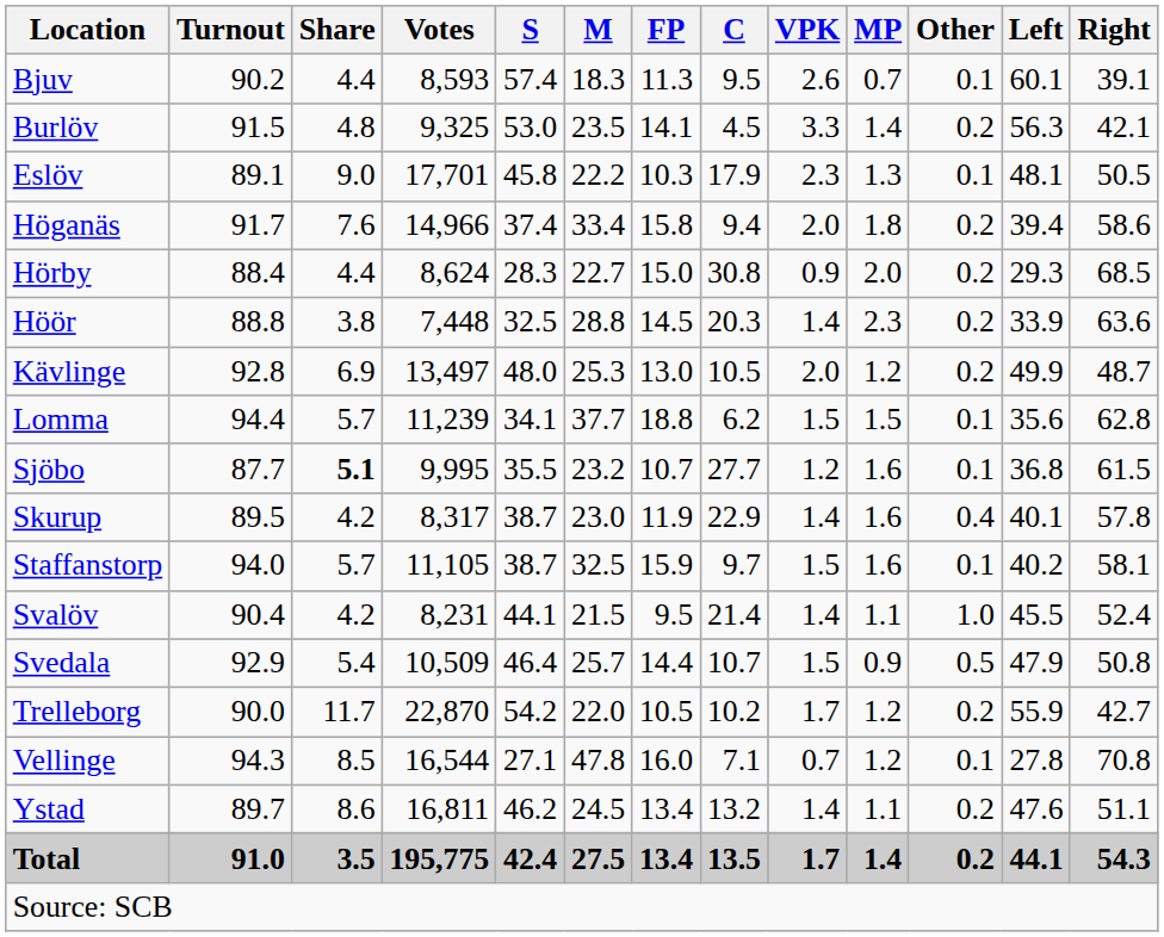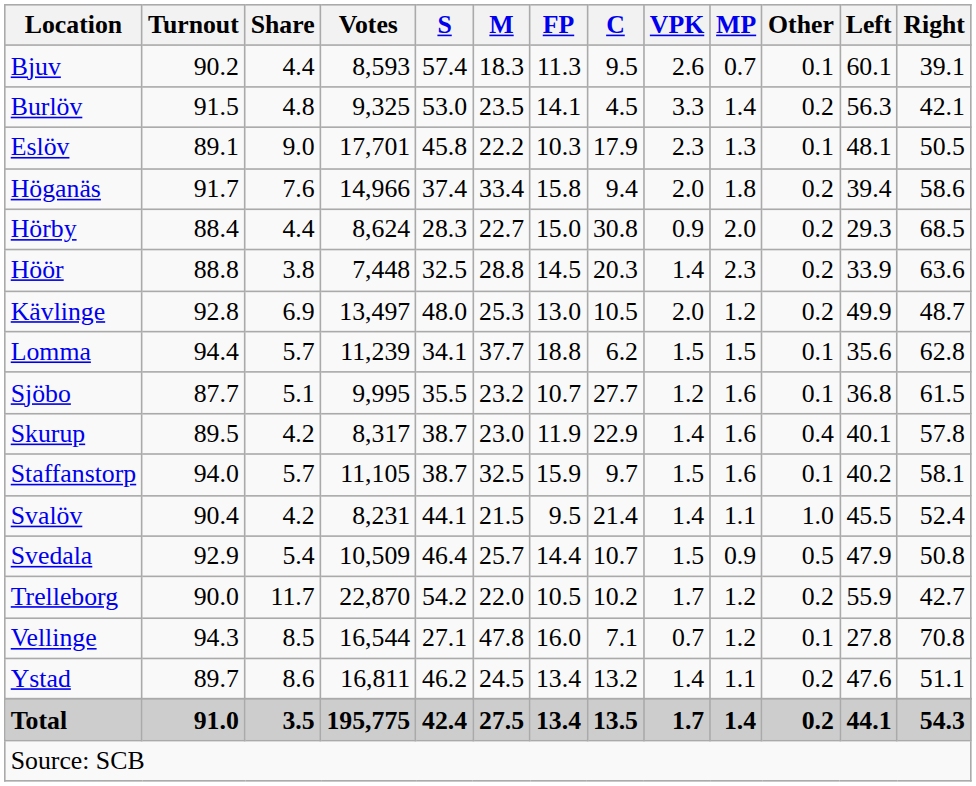 <table class="wikitable sortable" style=text-align:right>
 <tr>
 <th>Location</th>
 <th>Turnout</th>
 <th>Share</th>
 <th>Votes</th>
 <th><a href='#'>S</a></th>
 <th><a href='#'>M</a></th>
 <th><a href='#'>FP</a></th>
 <th><a href='#'>C</a></th>
 <th><a href='#'>VPK</a></th>
 <th><a href='#'>MP</a></th>
 <th>Other</th>
 <th>Left</th>
 <th>Right</th>
 </tr>
 <tr>
 <td align=left><a href='#'>Bjuv</a></td>
 <td>90.2</td>
 <td>4.4</td>
 <td>8,593</td>
 <td>57.4</td>
 <td>18.3</td>
 <td>11.3</td>
 <td>9.5</td>
 <td>2.6</td>
 <td>0.7</td>
 <td>0.1</td>
 <td>60.1</td>
 <td>39.1</td>
 </tr>
 <tr>
 <td align=left><a href='#'>Burlöv</a></td>
 <td>91.5</td>
 <td>4.8</td>
 <td>9,325</td>
 <td>53.0</td>
 <td>23.5</td>
 <td>14.1</td>
 <td>4.5</td>
 <td>3.3</td>
 <td>1.4</td>
 <td>0.2</td>
 <td>56.3</td>
 <td>42.1</td>
 </tr>
 <tr>
 <td align=left><a href='#'>Eslöv</a></td>
 <td>89.1</td>
 <td>9.0</td>
 <td>17,701</td>
 <td>45.8</td>
 <td>22.2</td>
 <td>10.3</td>
 <td>17.9</td>
 <td>2.3</td>
 <td>1.3</td>
 <td>0.1</td>
 <td>48.1</td>
 <td>50.5</td>
 </tr>
 <tr>
 <td align=left><a href='#'>Höganäs</a></td>
 <td>91.7</td>
 <td>7.6</td>
 <td>14,966</td>
 <td>37.4</td>
 <td>33.4</td>
 <td>15.8</td>
 <td>9.4</td>
 <td>2.0</td>
 <td>1.8</td>
 <td>0.2</td>
 <td>39.4</td>
 <td>58.6</td>
 </tr>
 <tr>
 <td align=left><a href='#'>Hörby</a></td>
 <td>88.4</td>
 <td>4.4</td>
 <td>8,624</td>
 <td>28.3</td>
 <td>22.7</td>
 <td>15.0</td>
 <td>30.8</td>
 <td>0.9</td>
 <td>2.0</td>
 <td>0.2</td>
 <td>29.3</td>
 <td>68.5</td>
 </tr>
 <tr>
 <td align=left><a href='#'>Höör</a></td>
 <td>88.8</td>
 <td>3.8</td>
 <td>7,448</td>
 <td>32.5</td>
 <td>28.8</td>
 <td>14.5</td>
 <td>20.3</td>
 <td>1.4</td>
 <td>2.3</td>
 <td>0.2</td>
 <td>33.9</td>
 <td>63.6</td>
 </tr>
 <tr>
 <td align=left><a href='#'>Kävlinge</a></td>
 <td>92.8</td>
 <td>6.9</td>
 <td>13,497</td>
 <td>48.0</td>
 <td>25.3</td>
 <td>13.0</td>
 <td>10.5</td>
 <td>2.0</td>
 <td>1.2</td>
 <td>0.2</td>
 <td>49.9</td>
 <td>48.7</td>
 </tr>
 <tr>
 <td align=left><a href='#'>Lomma</a></td>
 <td>94.4</td>
 <td>5.7</td>
 <td>11,239</td>
 <td>34.1</td>
 <td>37.7</td>
 <td>18.8</td>
 <td>6.2</td>
 <td>1.5</td>
 <td>1.5</td>
 <td>0.1</td>
 <td>35.6</td>
 <td>62.8</td>
 </tr>
 <tr>
 <td align=left><a href='#'>Sjöbo</a></td>
 <td>87.7</td>
-<td><strong>5.1</strong></td>
+<td>5.1</td>
 <td>9,995</td>
 <td>35.5</td>
 <td>23.2</td>
 <td>10.7</td>
 <td>27.7</td>
 <td>1.2</td>
 <td>1.6</td>
 <td>0.1</td>
 <td>36.8</td>
 <td>61.5</td>
 </tr>
 <tr>
 <td align=left><a href='#'>Skurup</a></td>
 <td>89.5</td>
 <td>4.2</td>
 <td>8,317</td>
 <td>38.7</td>
 <td>23.0</td>
 <td>11.9</td>
 <td>22.9</td>
 <td>1.4</td>
 <td>1.6</td>
 <td>0.4</td>
 <td>40.1</td>
 <td>57.8</td>
 </tr>
 <tr>
 <td align=left><a href='#'>Staffanstorp</a></td>
 <td>94.0</td>
 <td>5.7</td>
 <td>11,105</td>
 <td>38.7</td>
 <td>32.5</td>
 <td>15.9</td>
 <td>9.7</td>
 <td>1.5</td>
 <td>1.6</td>
 <td>0.1</td>
 <td>40.2</td>
 <td>58.1</td>
 </tr>
 <tr>
 <td align=left><a href='#'>Svalöv</a></td>
 <td>90.4</td>
 <td>4.2</td>
 <td>8,231</td>
 <td>44.1</td>
 <td>21.5</td>
 <td>9.5</td>
 <td>21.4</td>
 <td>1.4</td>
 <td>1.1</td>
 <td>1.0</td>
 <td>45.5</td>
 <td>52.4</td>
 </tr>
 <tr>
 <td align=left><a href='#'>Svedala</a></td>
 <td>92.9</td>
 <td>5.4</td>
 <td>10,509</td>
 <td>46.4</td>
 <td>25.7</td>
 <td>14.4</td>
 <td>10.7</td>
 <td>1.5</td>
 <td>0.9</td>
 <td>0.5</td>
 <td>47.9</td>
 <td>50.8</td>
 </tr>
 <tr>
 <td align=left><a href='#'>Trelleborg</a></td>
 <td>90.0</td>
 <td>11.7</td>
 <td>22,870</td>
 <td>54.2</td>
 <td>22.0</td>
 <td>10.5</td>
 <td>10.2</td>
 <td>1.7</td>
 <td>1.2</td>
 <td>0.2</td>
 <td>55.9</td>
 <td>42.7</td>
 </tr>
 <tr>
 <td align=left><a href='#'>Vellinge</a></td>
 <td>94.3</td>
 <td>8.5</td>
 <td>16,544</td>
 <td>27.1</td>
 <td>47.8</td>
 <td>16.0</td>
 <td>7.1</td>
 <td>0.7</td>
 <td>1.2</td>
 <td>0.1</td>
 <td>27.8</td>
 <td>70.8</td>
 </tr>
 <tr>
 <td align=left><a href='#'>Ystad</a></td>
 <td>89.7</td>
 <td>8.6</td>
 <td>16,811</td>
 <td>46.2</td>
 <td>24.5</td>
 <td>13.4</td>
 <td>13.2</td>
 <td>1.4</td>
 <td>1.1</td>
 <td>0.2</td>
 <td>47.6</td>
 <td>51.1</td>
 </tr>
 <tr>
 </tr>
 <tr style="background:#CDCDCD;">
 <td align=left><strong>Total</strong></td>
 <td><strong>91.0</strong></td>
 <td><strong>3.5</strong></td>
 <td><strong>195,775</strong></td>
 <td><strong>42.4</strong></td>
 <td><strong>27.5</strong></td>
 <td><strong>13.4</strong></td>
 <td><strong>13.5</strong></td>
 <td><strong>1.7</strong></td>
 <td><strong>1.4</strong></td>
 <td><strong>0.2</strong></td>
 <td><strong>44.1</strong></td>
 <td><strong>54.3</strong></td>
 </tr>
 <tr>
 <td align=left colspan=13>Source: SCB </td>
 </tr>
 </table>
